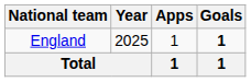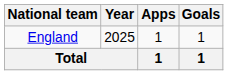 <table class="wikitable" style="text-align:center">
 <tr>
 <th>National team</th>
 <th>Year</th>
 <th>Apps</th>
 <th>Goals</th>
 </tr>
 <tr>
 <td><a href='#'>England</a></td>
 <td>2025</td>
 <td>1</td>
-<td><strong>1</strong></td>
+<td>1</td>
 </tr>
 <tr>
 <th colspan="2">Total</th>
 <th>1</th>
 <th>1</th>
 </tr>
 </table>
